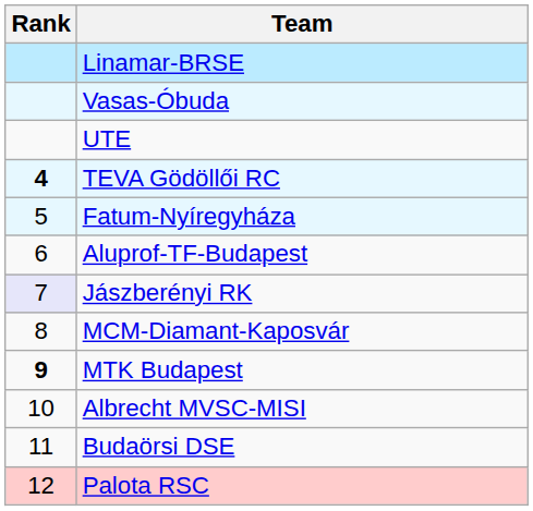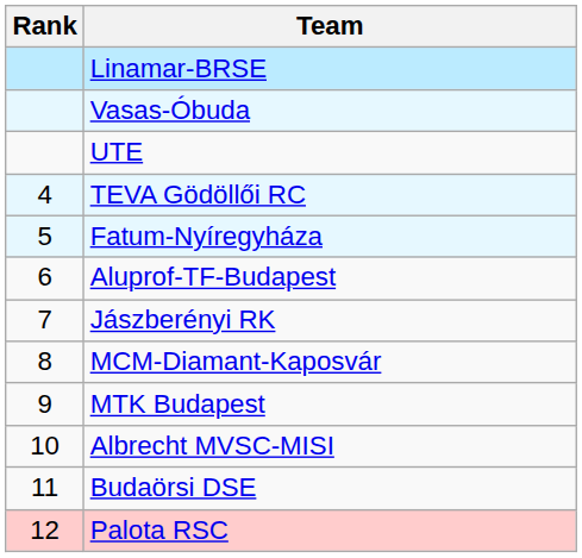 <table class="wikitable">
 <tr>
 <th width=40>Rank</th>
 <th width=290>Team</th>
 </tr>
 <tr bgcolor=#bbebff>
 <td align="center"></td>
 <td align="left"> <a href='#'>Linamar-BRSE</a></td>
 </tr>
 <tr bgcolor=#e6f8ff>
 <td align="center"></td>
 <td align="left"> <a href='#'>Vasas-Óbuda</a></td>
 </tr>
 <tr>
 <td align="center"></td>
 <td align="left"> <a href='#'>UTE</a></td>
 </tr>
 <tr bgcolor=#e6f8ff>
-<td align="center"><strong>4</strong></td>
+<td align="center">4</td>
 <td align="left"> <a href='#'>TEVA Gödöllői RC</a></td>
 </tr>
 <tr bgcolor=#e6f8ff>
 <td align="center">5</td>
 <td align="left"> <a href='#'>Fatum-Nyíregyháza</a></td>
 </tr>
 <tr>
 <td align="center">6</td>
 <td align="left"> <a href='#'>Aluprof-TF-Budapest</a></td>
 </tr>
 <tr>
-<td align="center" style="background: lavender;">7</td>
+<td align="center">7</td>
 <td align="left"> <a href='#'>Jászberényi RK</a></td>
 </tr>
 <tr>
 <td align="center">8</td>
 <td align="left"> <a href='#'>MCM-Diamant-Kaposvár</a></td>
 </tr>
 <tr>
-<td align="center"><strong>9</strong></td>
+<td align="center">9</td>
 <td align="left"> <a href='#'>MTK Budapest</a></td>
 </tr>
 <tr>
 <td align="center">10</td>
 <td align="left"> <a href='#'>Albrecht MVSC-MISI</a></td>
 </tr>
 <tr>
 <td align="center">11</td>
 <td align="left"> <a href='#'>Budaörsi DSE</a></td>
 </tr>
 <tr bgcolor=#ffcccc>
 <td align="center">12</td>
 <td align="left"> <a href='#'>Palota RSC</a></td>
 </tr>
 </table>
